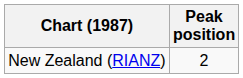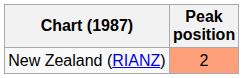 <table class="wikitable sortable">
 <tr>
 <th>Chart (1987)</th>
 <th>Peak<br>position</th>
 </tr>
 <tr>
 </tr>
 <tr>
 </tr>
 <tr>
 </tr>
 <tr>
 <td>New Zealand (<a href='#'>RIANZ</a>)</td>
-<td style="text-align:center;">2</td>
+<td style="background: lightsalmon; text-align:center;">2</td>
 </tr>
 <tr>
 </tr>
 <tr>
 </tr>
 <tr>
 </tr>
 </table>
